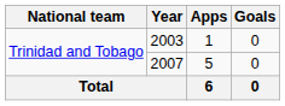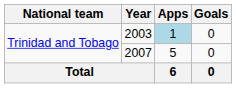 <table class="wikitable" style="text-align:center">
 <tr>
 <th>National team</th>
 <th>Year</th>
 <th>Apps</th>
 <th>Goals</th>
 </tr>
 <tr>
 <td rowspan="2"><a href='#'>Trinidad and Tobago</a></td>
 <td>2003</td>
-<td>1</td>
+<td style="background: lightblue;">1</td>
 <td>0</td>
 </tr>
 <tr>
 <td>2007</td>
 <td>5</td>
 <td>0</td>
 </tr>
 <tr>
 <th colspan=2>Total</th>
 <th>6</th>
 <th>0</th>
 </tr>
 </table>
